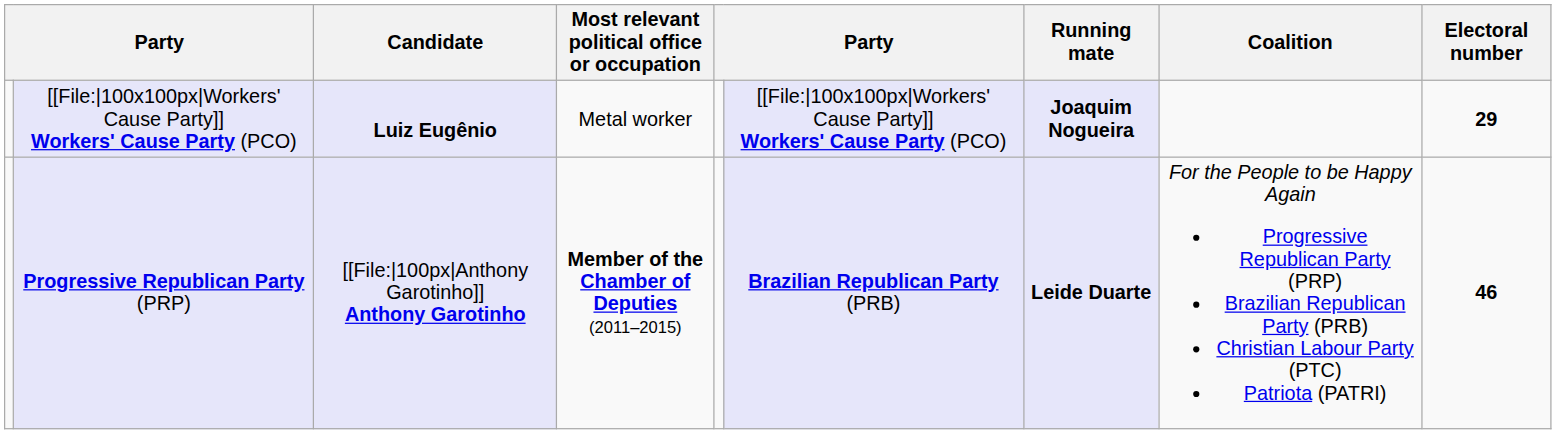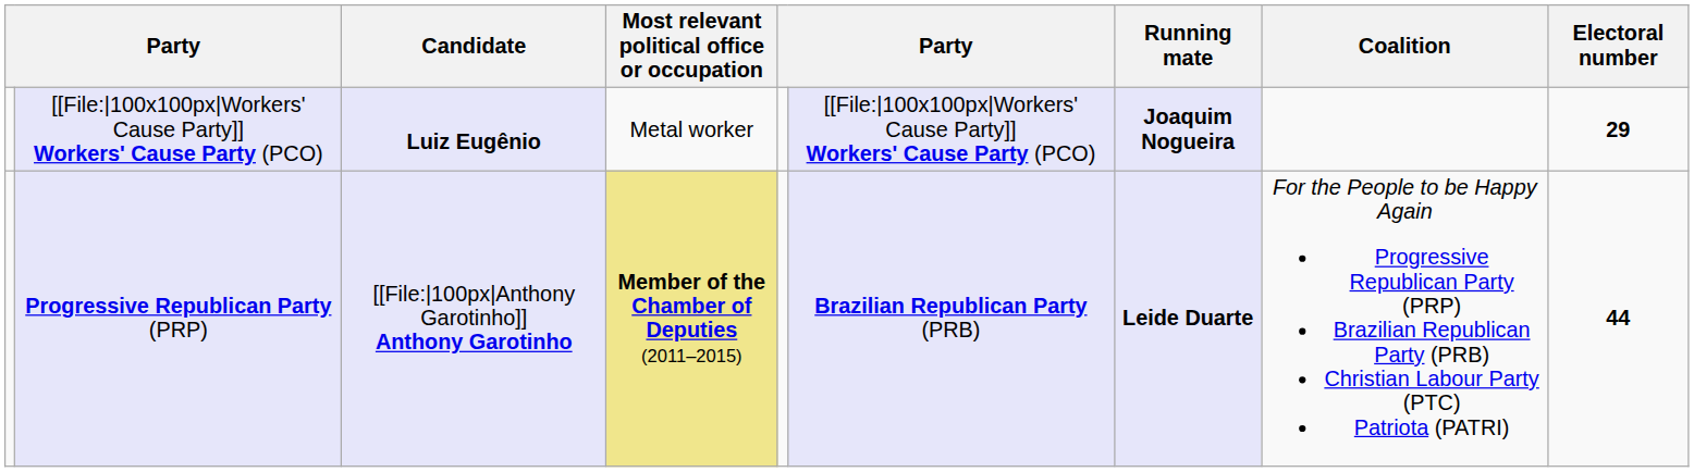 <table class="wikitable" style="text-align:center">
 <tr>
 <th colspan="2">Party</th>
 <th>Candidate</th>
 <th style="max-width:10em">Most relevant political office or occupation</th>
 <th colspan="2">Party</th>
 <th>Running mate</th>
 <th>Coalition</th>
 <th>Electoral number</th>
 </tr>
 <tr>
 <td style="background:"></td>
 <td style="background:lavender;" max-width:150px>[[File:|100x100px|Workers' Cause Party]]<br><strong><a href='#'>Workers' Cause Party</a></strong> (PCO)</td>
 <td style="background:lavender;" max-width:150px><br><strong>Luiz Eugênio</strong></td>
 <td style="max-width:10em">Metal worker</td>
 <td style="background:"></td>
 <td style="background:lavender;" max-width:150px>[[File:|100x100px|Workers' Cause Party]]<br><strong><a href='#'>Workers' Cause Party</a></strong> (PCO)</td>
 <td style="background:lavender;" max-width:150px><strong>Joaquim Nogueira</strong></td>
 <td></td>
 <td><strong>29</strong></td>
 </tr>
 <tr>
 <td style="background:"></td>
 <td style="background:lavender;" max-width:150px><strong><a href='#'>Progressive Republican Party</a></strong> (PRP)</td>
 <td style="background:lavender;" max-width:150px>[[File:|100px|Anthony Garotinho]]<br><strong><a href='#'>Anthony Garotinho</a></strong></td>
-<td style="max-width:10em"><strong>Member of the <a href='#'>Chamber of Deputies</a></strong><br><small>(2011–2015)</small></td>
+<td style="background: khaki; max-width:10em"><strong>Member of the <a href='#'>Chamber of Deputies</a></strong><br><small>(2011–2015)</small></td>
 <td style="background:"></td>
 <td style="background:lavender;" max-width:150px><strong><a href='#'>Brazilian Republican Party</a></strong> (PRB)</td>
 <td style="background:lavender;" max-width:150px><strong>Leide Duarte</strong></td>
 <td><em>For the People to be Happy Again</em><br><ul><li><a href='#'>Progressive Republican Party</a> (PRP)</li><li><a href='#'>Brazilian Republican Party</a> (PRB)</li><li><a href='#'>Christian Labour Party</a> (PTC)</li><li><a href='#'>Patriota</a> (PATRI)</li></ul></td>
-<td><strong>46</strong></td>
+<td><strong>44</strong></td>
 </tr>
 </table>
